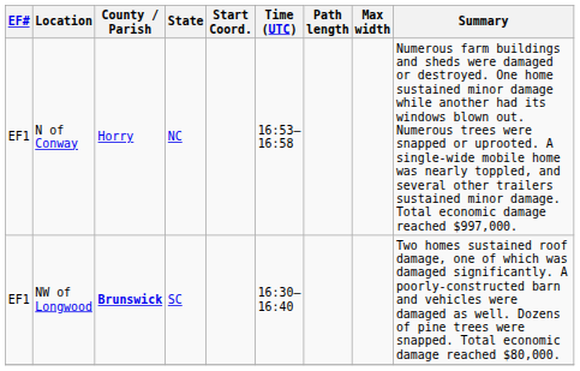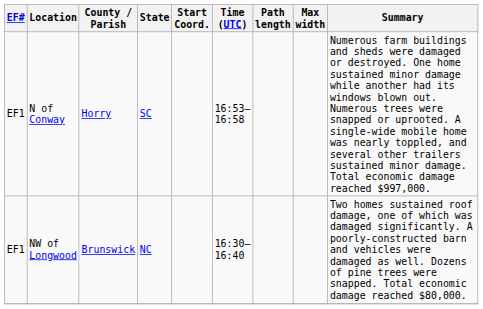 <table class="wikitable sortable" style="width:100%;">
 <tr>
 <th scope="col" style="width:3%; text-align:center;"><a href='#'>EF#</a></th>
 <th scope="col" style="width:7%; text-align:center;" class="unsortable">Location</th>
 <th scope="col" style="width:6%; text-align:center;" class="unsortable">County / Parish</th>
 <th scope="col" style="width:5%; text-align:center;">State</th>
 <th scope="col" style="width:6%; text-align:center;">Start Coord.</th>
 <th scope="col" style="width:6%; text-align:center;">Time (<a href='#'>UTC</a>)</th>
 <th scope="col" style="width:6%; text-align:center;">Path length</th>
 <th scope="col" style="width:6%; text-align:center;">Max width</th>
 <th scope="col" class="unsortable" style="width:48%; text-align:center;">Summary</th>
 </tr>
 <tr>
 <td>EF1</td>
 <td>N of <a href='#'>Conway</a></td>
 <td><a href='#'>Horry</a></td>
-<td><a href='#'>NC</a></td>
+<td><a href='#'>SC</a></td>
 <td></td>
 <td>16:53–16:58</td>
 <td></td>
 <td></td>
 <td>Numerous farm buildings and sheds were damaged or destroyed. One home sustained minor damage while another had its windows blown out. Numerous trees were snapped or uprooted. A single-wide mobile home was nearly toppled, and several other trailers sustained minor damage. Total economic damage reached $997,000.</td>
 </tr>
 <tr>
 <td>EF1</td>
 <td>NW of <a href='#'>Longwood</a></td>
-<td><strong><a href='#'>Brunswick</a></strong></td>
-<td><a href='#'>SC</a></td>
+<td><a href='#'>Brunswick</a></td>
+<td><a href='#'>NC</a></td>
 <td></td>
 <td>16:30–16:40</td>
 <td></td>
 <td></td>
 <td>Two homes sustained roof damage, one of which was damaged significantly. A poorly-constructed barn and vehicles were damaged as well. Dozens of pine trees were snapped. Total economic damage reached $80,000.</td>
 </tr>
 <tr>
 </tr>
 </table>
